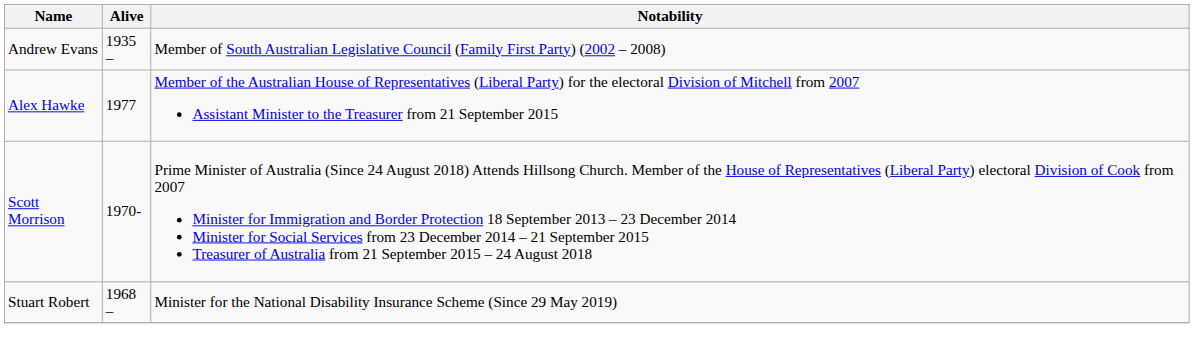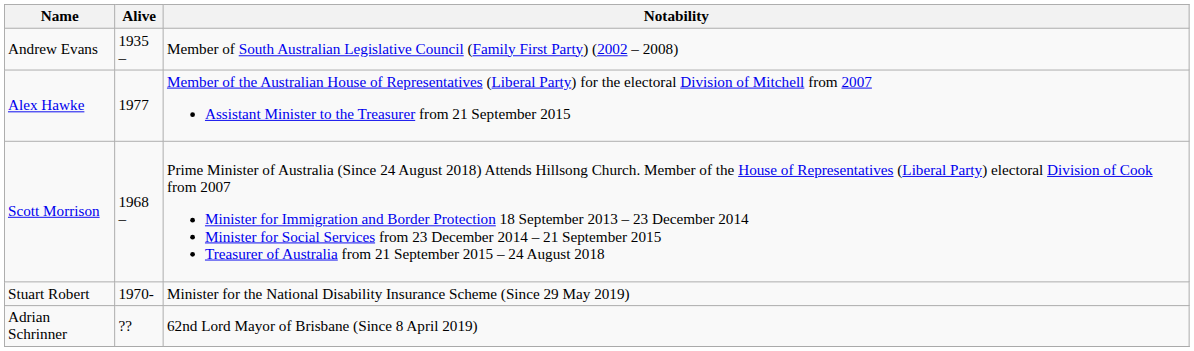 <table class="wikitable">
 <tr>
 <th>Name</th>
 <th>Alive</th>
 <th>Notability</th>
 </tr>
 <tr>
 <td>Andrew Evans</td>
 <td>1935 –</td>
 <td>Member of <a href='#'>South Australian Legislative Council</a> (<a href='#'>Family First Party</a>) (<a href='#'>2002</a> – 2008)</td>
 </tr>
 <tr>
 <td><a href='#'>Alex Hawke</a></td>
 <td>1977</td>
 <td><a href='#'>Member of the Australian House of Representatives</a> (<a href='#'>Liberal Party</a>) for the electoral <a href='#'>Division of Mitchell</a> from <a href='#'>2007</a><br><ul><li><a href='#'>Assistant Minister to the Treasurer</a> from 21 September 2015</li></ul></td>
 </tr>
 <tr>
 <td><a href='#'>Scott Morrison</a></td>
-<td>1970-</td>
+<td>1968 –</td>
 <td><br>Prime Minister of Australia (Since 24 August 2018) Attends Hillsong Church. Member of the <a href='#'>House of Representatives</a> (<a href='#'>Liberal Party</a>) electoral <a href='#'>Division of Cook</a> from 2007<ul><li><a href='#'>Minister for Immigration and Border Protection</a> 18 September 2013 – 23 December 2014</li><li><a href='#'>Minister for Social Services</a> from 23 December 2014 – 21 September 2015</li><li><a href='#'>Treasurer of Australia</a> from 21 September 2015 – 24 August 2018</li></ul></td>
 </tr>
 <tr>
 <td>Stuart Robert</td>
-<td>1968 –</td>
+<td>1970-</td>
 <td>Minister for the National Disability Insurance Scheme (Since 29 May 2019)</td>
+</tr>
+<tr>
+<td>Adrian Schrinner</td>
+<td>??</td>
+<td>62nd Lord Mayor of Brisbane (Since 8 April 2019)</td>
 </tr>
 <tr>
 </tr>
 </table>
